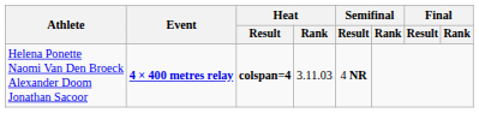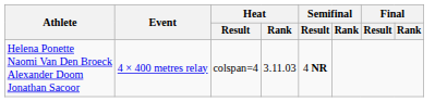 <table class=wikitable style=font-size:90%>
 <tr>
 <th rowspan=2>Athlete</th>
 <th rowspan=2>Event</th>
 <th colspan=2>Heat</th>
 <th colspan=2>Semifinal</th>
 <th colspan=2>Final</th>
 </tr>
 <tr style=font-size:95%>
 <th>Result</th>
 <th>Rank</th>
 <th>Result</th>
 <th>Rank</th>
 <th>Result</th>
 <th>Rank</th>
 </tr>
 <tr align=center>
 <td align=left><a href='#'>Helena Ponette</a><br><a href='#'>Naomi Van Den Broeck</a><br><a href='#'>Alexander Doom</a><br><a href='#'>Jonathan Sacoor</a></td>
-<td align=left><strong><a href='#'>4 × 400 metres relay</a></strong></td>
-<td><strong>colspan=4</strong></td>
+<td align=left><a href='#'>4 × 400 metres relay</a></td>
+<td>colspan=4</td>
 <td>3.11.03</td>
 <td>4 <strong>NR</strong></td>
 </tr>
 </table>
